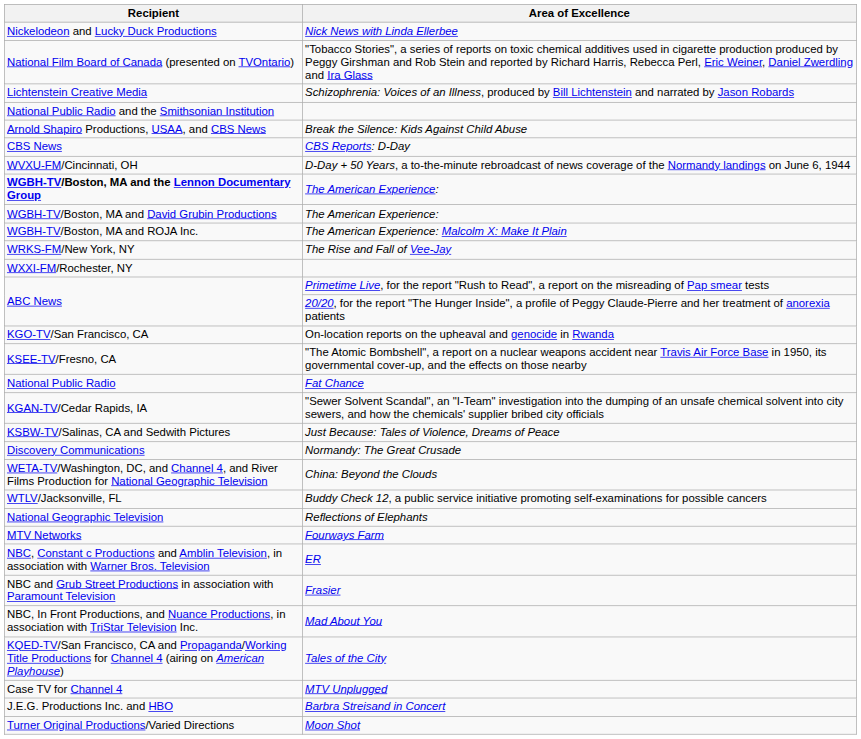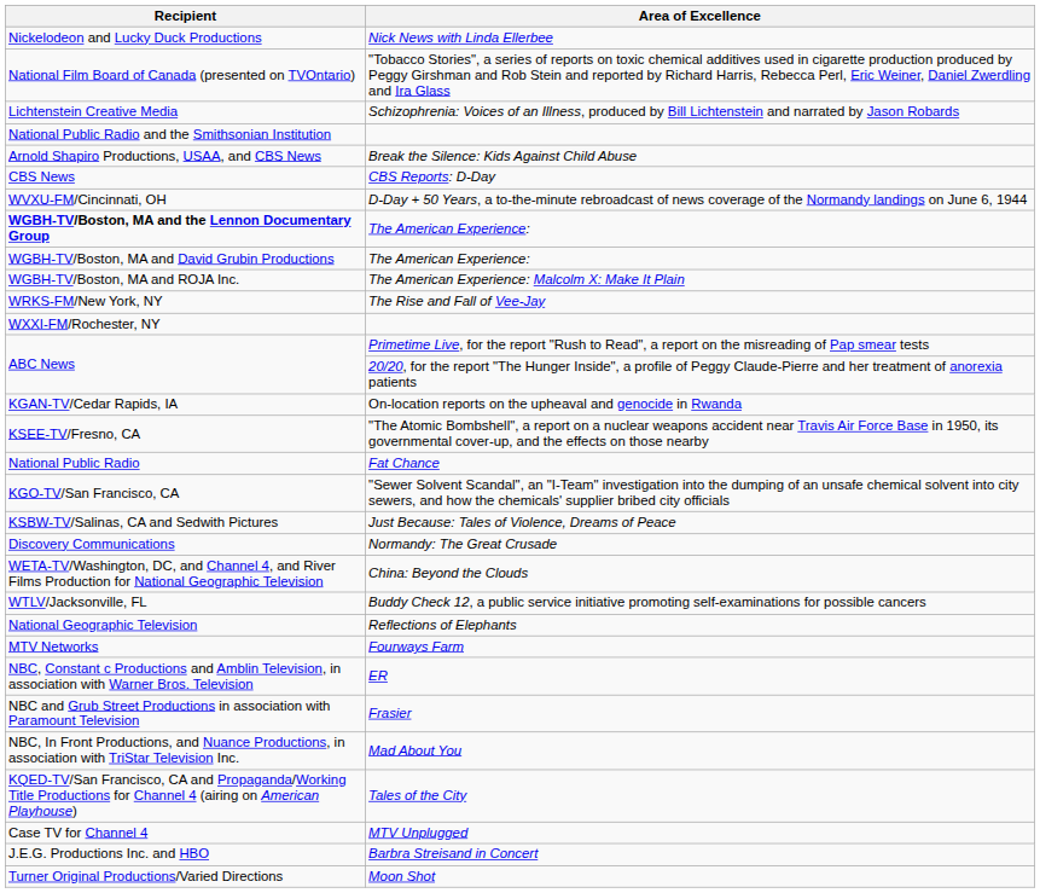 <table class="wikitable" style="width:95%">
 <tr bgcolor="#CCCCCC">
 <th width=35%>Recipient</th>
 <th width=65%>Area of Excellence</th>
 </tr>
 <tr>
 <td><a href='#'>Nickelodeon</a> and <a href='#'>Lucky Duck Productions</a></td>
 <td><em><a href='#'>Nick News with Linda Ellerbee</a></em></td>
 </tr>
 <tr>
 <td><a href='#'>National Film Board of Canada</a> (presented on <a href='#'>TVOntario</a>)</td>
 <td>"Tobacco Stories", a series of reports on toxic chemical additives used in cigarette production produced by Peggy Girshman and Rob Stein and reported by Richard Harris, Rebecca Perl, <a href='#'>Eric Weiner</a>, <a href='#'>Daniel Zwerdling</a> and <a href='#'>Ira Glass</a></td>
 </tr>
 <tr>
 <td><a href='#'>Lichtenstein Creative Media</a></td>
 <td><em>Schizophrenia: Voices of an Illness</em>, produced by <a href='#'>Bill Lichtenstein</a> and narrated by <a href='#'>Jason Robards</a></td>
 </tr>
 <tr>
 <td><a href='#'>National Public Radio</a> and the <a href='#'>Smithsonian Institution</a></td>
 <td><em></em></td>
 </tr>
 <tr>
 <td><a href='#'>Arnold Shapiro</a> Productions, <a href='#'>USAA</a>, and <a href='#'>CBS News</a></td>
 <td><em>Break the Silence: Kids Against Child Abuse</em></td>
 </tr>
 <tr>
 <td><a href='#'>CBS News</a></td>
 <td><em><a href='#'>CBS Reports</a>: D-Day</em></td>
 </tr>
 <tr>
 <td><a href='#'>WVXU-FM</a>/Cincinnati, OH</td>
 <td><em>D-Day + 50 Years</em>, a to-the-minute rebroadcast of news coverage of the <a href='#'>Normandy landings</a> on June 6, 1944</td>
 </tr>
 <tr>
 <td><strong><a href='#'>WGBH-TV</a>/Boston, MA and the <a href='#'>Lennon Documentary Group</a></strong></td>
 <td><em><a href='#'>The American Experience</a>: </em></td>
 </tr>
 <tr>
 <td><a href='#'>WGBH-TV</a>/Boston, MA and <a href='#'>David Grubin Productions</a></td>
 <td><em>The American Experience: </em></td>
 </tr>
 <tr>
 <td><a href='#'>WGBH-TV</a>/Boston, MA and ROJA Inc.</td>
 <td><em>The American Experience: <a href='#'>Malcolm X: Make It Plain</a></em></td>
 </tr>
 <tr>
 <td><a href='#'>WRKS-FM</a>/New York, NY</td>
 <td><em>The Rise and Fall of <a href='#'>Vee-Jay</a></em></td>
 </tr>
 <tr>
 <td><a href='#'>WXXI-FM</a>/Rochester, NY</td>
 <td><em></em></td>
 </tr>
 <tr>
 <td rowspan="2"><a href='#'>ABC News</a></td>
 <td><em><a href='#'>Primetime Live</a></em>, for the report "Rush to Read", a report on the misreading of <a href='#'>Pap smear</a> tests</td>
 </tr>
 <tr>
 <td><em><a href='#'>20/20</a></em>, for the report "The Hunger Inside", a profile of Peggy Claude-Pierre and her treatment of <a href='#'>anorexia</a> patients</td>
 </tr>
 <tr>
-<td><a href='#'>KGO-TV</a>/San Francisco, CA</td>
+<td><a href='#'>KGAN-TV</a>/Cedar Rapids, IA</td>
 <td>On-location reports on the upheaval and <a href='#'>genocide</a> in <a href='#'>Rwanda</a></td>
 </tr>
 <tr>
 <td><a href='#'>KSEE-TV</a>/Fresno, CA</td>
 <td>"The Atomic Bombshell", a report on a nuclear weapons accident near <a href='#'>Travis Air Force Base</a> in 1950, its governmental cover-up, and the effects on those nearby</td>
 </tr>
 <tr>
 <td><a href='#'>National Public Radio</a></td>
 <td><em><a href='#'>Fat Chance</a></em></td>
 </tr>
 <tr>
-<td><a href='#'>KGAN-TV</a>/Cedar Rapids, IA</td>
+<td><a href='#'>KGO-TV</a>/San Francisco, CA</td>
 <td>"Sewer Solvent Scandal", an "I-Team" investigation into the dumping of an unsafe chemical solvent into city sewers, and how the chemicals' supplier bribed city officials</td>
 </tr>
 <tr>
 <td><a href='#'>KSBW-TV</a>/Salinas, CA and Sedwith Pictures</td>
 <td><em>Just Because: Tales of Violence, Dreams of Peace</em></td>
 </tr>
 <tr>
 <td><a href='#'>Discovery Communications</a></td>
 <td><em>Normandy: The Great Crusade</em></td>
 </tr>
 <tr>
 <td><a href='#'>WETA-TV</a>/Washington, DC, and <a href='#'>Channel 4</a>, and River Films Production for <a href='#'>National Geographic Television</a></td>
 <td><em>China: Beyond the Clouds</em></td>
 </tr>
 <tr>
 <td><a href='#'>WTLV</a>/Jacksonville, FL</td>
 <td><em>Buddy Check 12</em>, a public service initiative promoting self-examinations for possible cancers</td>
 </tr>
 <tr>
 <td><a href='#'>National Geographic Television</a></td>
 <td><em>Reflections of Elephants</em></td>
 </tr>
 <tr>
 <td><a href='#'>MTV Networks</a></td>
 <td><em><a href='#'>Fourways Farm</a></em></td>
 </tr>
 <tr>
 <td><a href='#'>NBC</a>, <a href='#'>Constant c Productions</a> and <a href='#'>Amblin Television</a>, in association with <a href='#'>Warner Bros. Television</a></td>
 <td><em><a href='#'>ER</a></em></td>
 </tr>
 <tr>
 <td>NBC and <a href='#'>Grub Street Productions</a> in association with <a href='#'>Paramount Television</a></td>
 <td><em><a href='#'>Frasier</a></em></td>
 </tr>
 <tr>
 <td>NBC, In Front Productions, and <a href='#'>Nuance Productions</a>, in association with <a href='#'>TriStar Television</a> Inc.</td>
 <td><em><a href='#'>Mad About You</a></em></td>
 </tr>
 <tr>
 <td><a href='#'>KQED-TV</a>/San Francisco, CA and <a href='#'>Propaganda</a>/<a href='#'>Working Title Productions</a> for <a href='#'>Channel 4</a> (airing on <em><a href='#'>American Playhouse</a></em>)</td>
 <td><em><a href='#'>Tales of the City</a></em></td>
 </tr>
 <tr>
 <td>Case TV for <a href='#'>Channel 4</a></td>
 <td><em><a href='#'>MTV Unplugged</a></em></td>
 </tr>
 <tr>
 <td>J.E.G. Productions Inc. and <a href='#'>HBO</a></td>
 <td><em><a href='#'>Barbra Streisand in Concert</a></em></td>
 </tr>
 <tr>
 <td><a href='#'>Turner Original Productions</a>/Varied Directions</td>
 <td><em><a href='#'>Moon Shot</a></em></td>
 </tr>
 </table>
